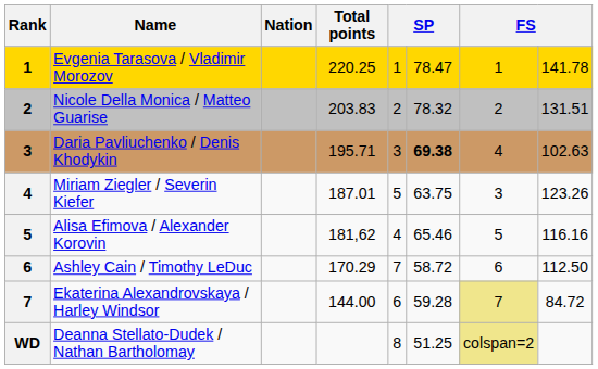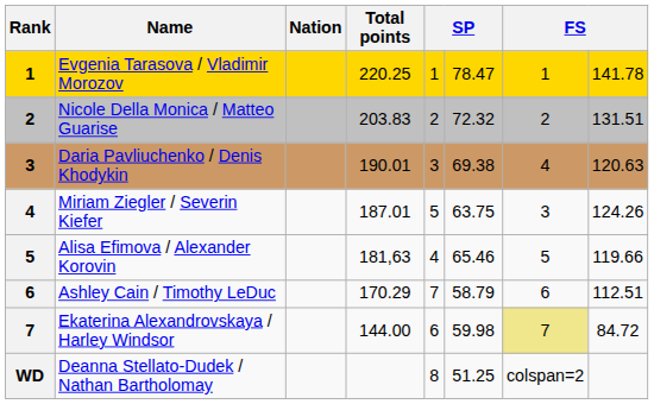 <table class="wikitable sortable">
 <tr>
 <th>Rank</th>
 <th>Name</th>
 <th>Nation</th>
 <th>Total points</th>
 <th colspan=2 width=80px><a href='#'>SP</a></th>
 <th colspan=2 width=80px><a href='#'>FS</a></th>
 </tr>
 <tr bgcolor=gold>
 <td align=center><strong>1</strong></td>
 <td><a href='#'>Evgenia Tarasova</a> / <a href='#'>Vladimir Morozov</a></td>
 <td></td>
 <td align=center>220.25</td>
 <td align=center>1</td>
 <td align=center>78.47</td>
 <td align=center>1</td>
 <td align=center>141.78</td>
 </tr>
 <tr bgcolor=silver>
 <td align=center><strong>2</strong></td>
 <td><a href='#'>Nicole Della Monica</a> / <a href='#'>Matteo Guarise</a></td>
 <td></td>
 <td align=center>203.83</td>
 <td align=center>2</td>
-<td align=center>78.32</td>
+<td align=center>72.32</td>
 <td align=center>2</td>
 <td align=center>131.51</td>
 </tr>
 <tr bgcolor=cc9966>
 <td align=center><strong>3</strong></td>
 <td><a href='#'>Daria Pavliuchenko</a> / <a href='#'>Denis Khodykin</a></td>
 <td></td>
-<td align=center>195.71</td>
+<td align=center>190.01</td>
 <td align=center>3</td>
-<td align=center><strong>69.38</strong></td>
+<td align=center>69.38</td>
 <td align=center>4</td>
-<td align=center>102.63</td>
+<td align=center>120.63</td>
 </tr>
 <tr>
 <th>4</th>
 <td><a href='#'>Miriam Ziegler</a> / <a href='#'>Severin Kiefer</a></td>
 <td></td>
 <td align=center>187.01</td>
 <td align=center>5</td>
 <td align=center>63.75</td>
 <td align=center>3</td>
-<td align=center>123.26</td>
+<td align=center>124.26</td>
 </tr>
 <tr>
 <th>5</th>
 <td><a href='#'>Alisa Efimova</a> / <a href='#'>Alexander Korovin</a></td>
 <td></td>
-<td align=center>181,62</td>
+<td align=center>181,63</td>
 <td align=center>4</td>
 <td align=center>65.46</td>
 <td align=center>5</td>
-<td align=center>116.16</td>
+<td align=center>119.66</td>
 </tr>
 <tr>
 <th>6</th>
 <td><a href='#'>Ashley Cain</a> / <a href='#'>Timothy LeDuc</a></td>
 <td></td>
 <td align=center>170.29</td>
 <td align=center>7</td>
-<td align=center>58.72</td>
+<td align=center>58.79</td>
 <td align=center>6</td>
-<td align=center>112.50</td>
+<td align=center>112.51</td>
 </tr>
 <tr>
 <th>7</th>
 <td><a href='#'>Ekaterina Alexandrovskaya</a> / <a href='#'>Harley Windsor</a></td>
 <td></td>
 <td align=center>144.00</td>
 <td align=center>6</td>
-<td align=center>59.28</td>
+<td align=center>59.98</td>
 <td align=center style="background: khaki;">7</td>
 <td align=center>84.72</td>
 </tr>
 <tr>
 <th>WD</th>
 <td><a href='#'>Deanna Stellato-Dudek</a> / <a href='#'>Nathan Bartholomay</a></td>
 <td></td>
 <td></td>
 <td align=center>8</td>
 <td align=center>51.25</td>
-<td style="background: khaki;">colspan=2 </td>
+<td>colspan=2 </td>
 </tr>
 </table>
